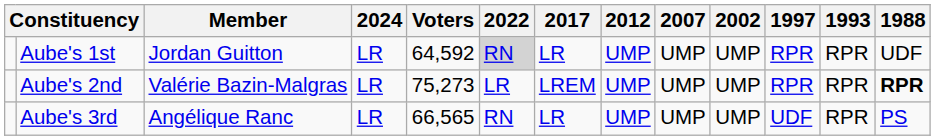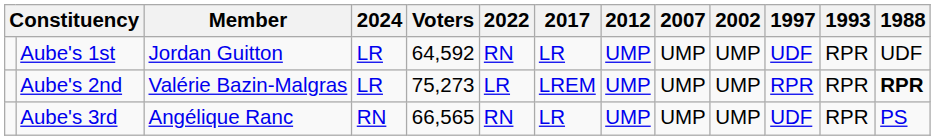 <table class="wikitable sortable">
 <tr>
 <th colspan="2">Constituency</th>
 <th>Member</th>
 <th>2024</th>
 <th>Voters</th>
 <th>2022</th>
 <th>2017</th>
 <th>2012</th>
 <th>2007</th>
 <th>2002</th>
 <th>1997</th>
 <th>1993</th>
 <th>1988</th>
 </tr>
 <tr>
 <td style="background-color: "></td>
 <td><a href='#'>Aube's 1st</a></td>
 <td><a href='#'>Jordan Guitton</a></td>
 <td><a href='#'>LR</a></td>
 <td>64,592</td>
-<td style="background: lightgrey;"><a href='#'>RN</a></td>
+<td><a href='#'>RN</a></td>
 <td><a href='#'>LR</a></td>
 <td bgcolor=><a href='#'>UMP</a></td>
 <td bgcolor=>UMP</td>
 <td bgcolor=>UMP</td>
-<td bgcolor=><a href='#'>RPR</a></td>
+<td bgcolor=><a href='#'>UDF</a></td>
 <td bgcolor=>RPR</td>
 <td bgcolor=>UDF</td>
 </tr>
 <tr>
 <td style="background-color: "></td>
 <td><a href='#'>Aube's 2nd</a></td>
 <td><a href='#'>Valérie Bazin-Malgras</a></td>
 <td><a href='#'>LR</a></td>
 <td>75,273</td>
 <td><a href='#'>LR</a></td>
 <td><a href='#'>LREM</a></td>
 <td bgcolor=><a href='#'>UMP</a></td>
 <td bgcolor=>UMP</td>
 <td bgcolor=>UMP</td>
 <td bgcolor=><a href='#'>RPR</a></td>
 <td bgcolor=>RPR</td>
 <td bgcolor=><strong>RPR</strong></td>
 </tr>
 <tr>
 <td style="background-color: "></td>
 <td><a href='#'>Aube's 3rd</a></td>
 <td><a href='#'>Angélique Ranc</a></td>
-<td><a href='#'>LR</a></td>
+<td><a href='#'>RN</a></td>
 <td>66,565</td>
 <td><a href='#'>RN</a></td>
 <td><a href='#'>LR</a></td>
 <td bgcolor=><a href='#'>UMP</a></td>
 <td bgcolor=>UMP</td>
 <td bgcolor=>UMP</td>
 <td bgcolor=><a href='#'>UDF</a></td>
 <td bgcolor=>RPR</td>
 <td bgcolor=><a href='#'>PS</a></td>
 </tr>
 </table>
